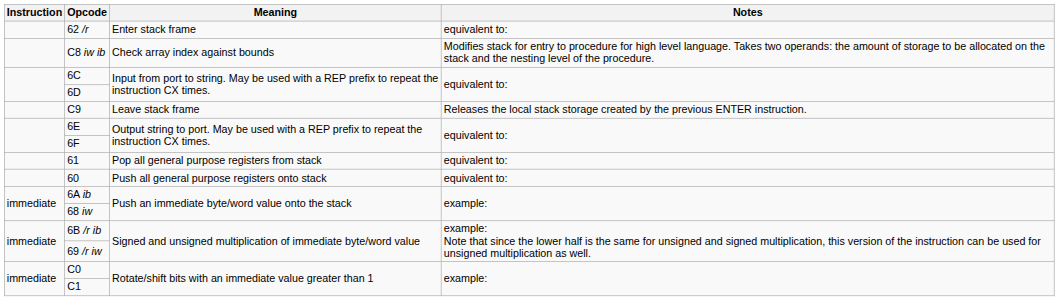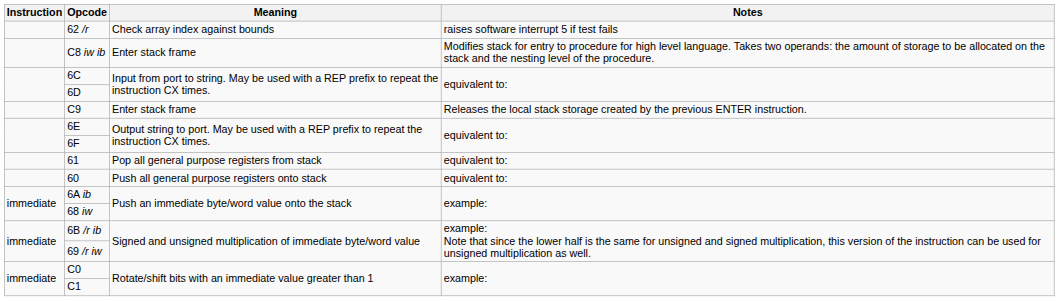 <table class="wikitable sortable sticky-header">
 <tr>
 <th>Instruction</th>
 <th>Opcode</th>
 <th>Meaning</th>
 <th>Notes</th>
 </tr>
 <tr>
 <td></td>
 <td>62 <em>/r</em></td>
-<td>Enter stack frame</td>
-<td>equivalent to:<br></td>
+<td>Check array index against bounds</td>
+<td>raises software interrupt 5 if test fails</td>
 </tr>
 <tr>
 <td></td>
 <td>C8 <em>iw ib</em></td>
-<td>Check array index against bounds</td>
+<td>Enter stack frame</td>
 <td>Modifies stack for entry to procedure for high level language. Takes two operands: the amount of storage to be allocated on the stack and the nesting level of the procedure.</td>
 </tr>
 <tr>
 <td rowspan="2"></td>
 <td>6C</td>
 <td rowspan="2">Input from port to string. May be used with a REP prefix to repeat the instruction CX times.</td>
 <td rowspan="2">equivalent to:<br></td>
 </tr>
 <tr>
 <td>6D</td>
 </tr>
 <tr>
 <td></td>
 <td>C9</td>
-<td>Leave stack frame</td>
+<td>Enter stack frame</td>
 <td>Releases the local stack storage created by the previous ENTER instruction.</td>
 </tr>
 <tr>
 <td rowspan="2"></td>
 <td>6E</td>
 <td rowspan="2">Output string to port. May be used with a REP prefix to repeat the instruction CX times.</td>
 <td rowspan="2">equivalent to:<br></td>
 </tr>
 <tr>
 <td>6F</td>
 </tr>
 <tr>
 <td></td>
 <td>61</td>
 <td>Pop all general purpose registers from stack</td>
 <td>equivalent to:<br></td>
 </tr>
 <tr>
 <td></td>
 <td>60</td>
 <td>Push all general purpose registers onto stack</td>
 <td>equivalent to:<br></td>
 </tr>
 <tr>
 <td rowspan="2"> immediate</td>
 <td>6A <em>ib</em></td>
 <td rowspan="2">Push an immediate byte/word value onto the stack</td>
 <td rowspan="2">example:<br></td>
 </tr>
 <tr>
 <td>68 <em>iw</em></td>
 </tr>
 <tr>
 <td rowspan="2"> immediate</td>
 <td>6B <em>/r ib</em></td>
 <td rowspan="2">Signed and unsigned multiplication of immediate byte/word value</td>
 <td rowspan="2">example:<br> Note that since the lower half is the same for unsigned and signed multiplication, this version of the instruction can be used for unsigned multiplication as well.</td>
 </tr>
 <tr>
 <td>69 <em>/r iw</em></td>
 </tr>
 <tr>
 <td rowspan="2"> immediate</td>
 <td>C0</td>
 <td rowspan="2">Rotate/shift bits with an immediate value greater than 1</td>
 <td rowspan="2">example:<br></td>
 </tr>
 <tr>
 <td>C1</td>
 </tr>
 </table>
